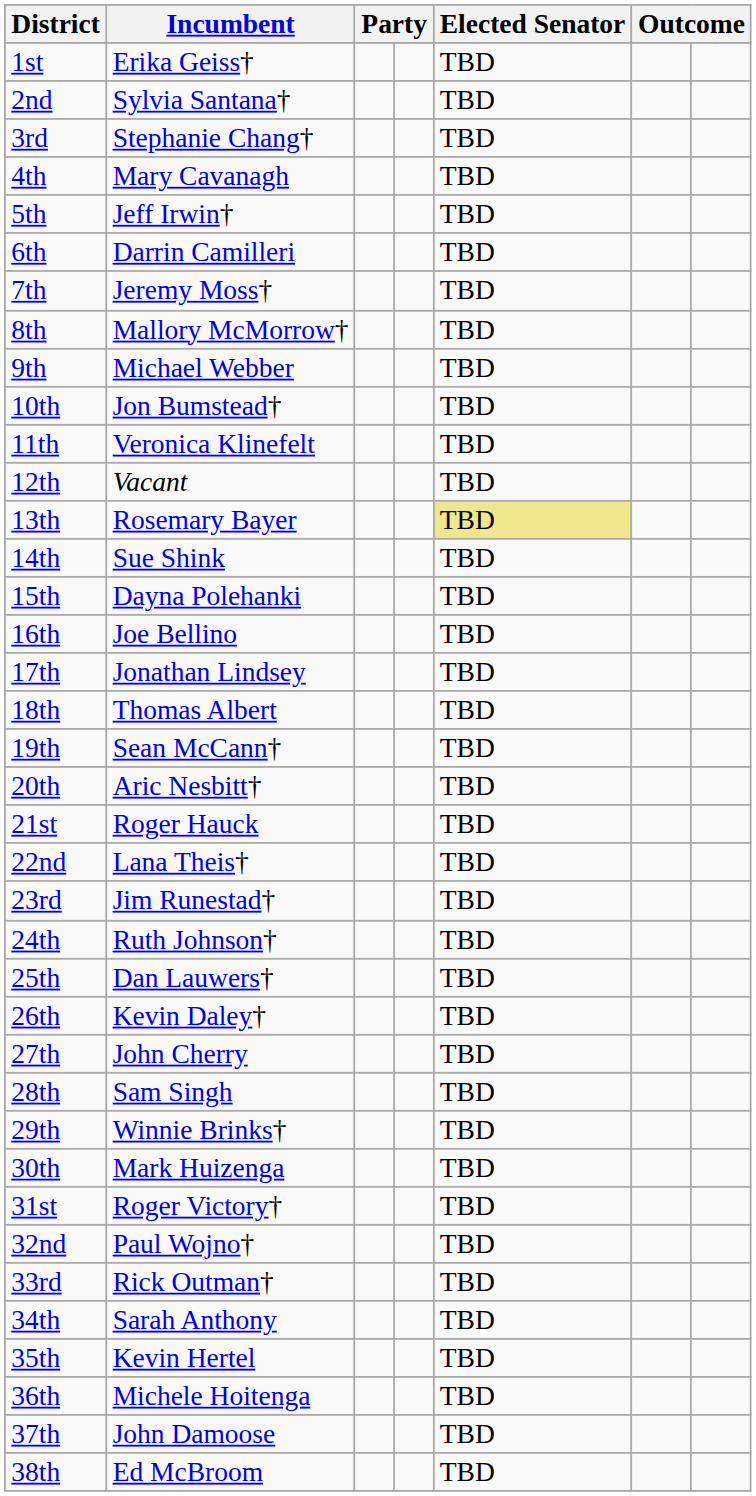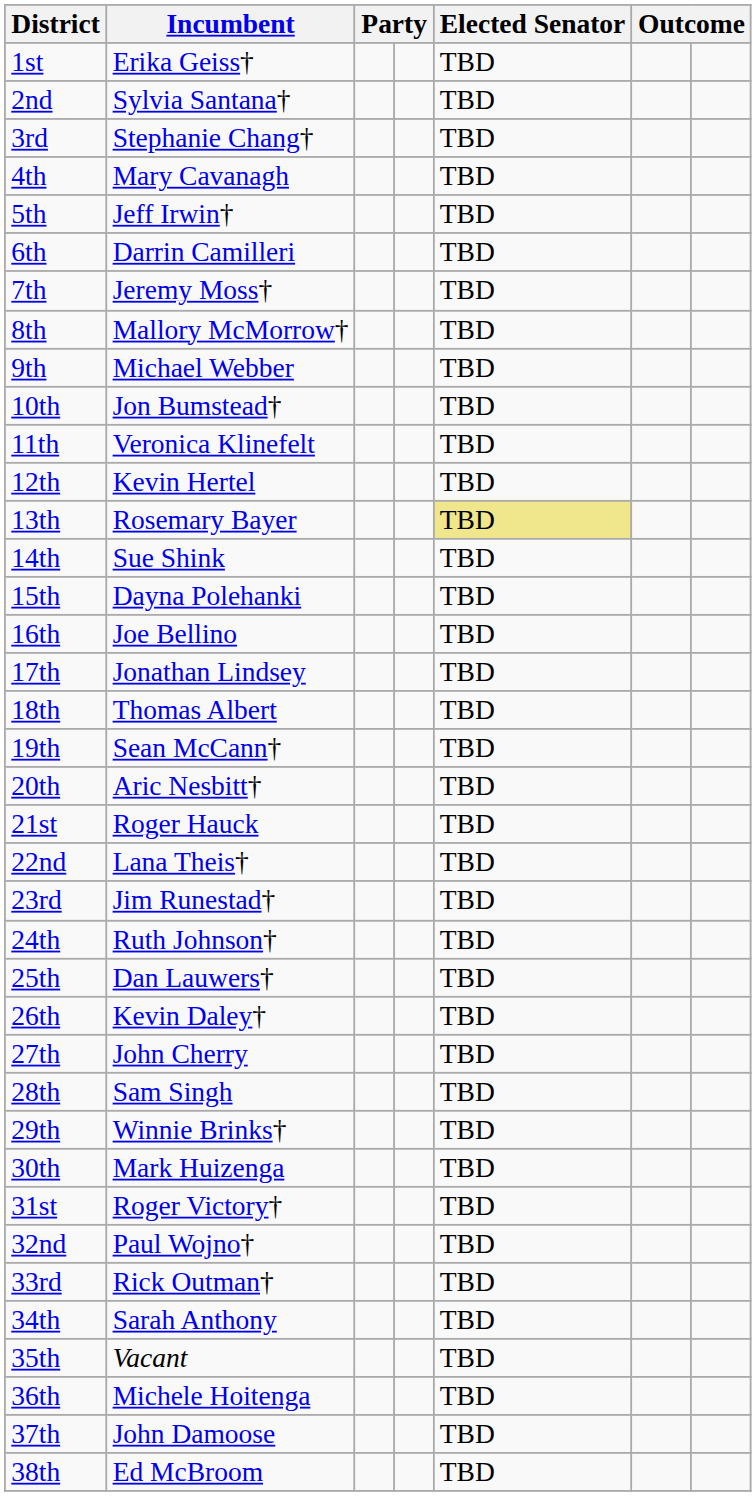 <table class="sortable wikitable" style="font-size:95%;line-height:14px;">
 <tr>
 <th>District</th>
 <th class="unsortable"><a href='#'>Incumbent</a></th>
 <th colspan="2">Party</th>
 <th class="unsortable">Elected Senator</th>
 <th colspan="2">Outcome</th>
 </tr>
 <tr>
 <td><a href='#'>1st</a></td>
 <td><a href='#'>Erika Geiss</a>†</td>
 <td style="background:"></td>
 <td></td>
 <td>TBD</td>
 <td></td>
 <td></td>
 </tr>
 <tr>
 <td><a href='#'>2nd</a></td>
 <td><a href='#'>Sylvia Santana</a>†</td>
 <td style="background:"></td>
 <td></td>
 <td>TBD</td>
 <td></td>
 <td></td>
 </tr>
 <tr>
 <td><a href='#'>3rd</a></td>
 <td><a href='#'>Stephanie Chang</a>†</td>
 <td style="background:"></td>
 <td></td>
 <td>TBD</td>
 <td></td>
 <td></td>
 </tr>
 <tr>
 <td><a href='#'>4th</a></td>
 <td><a href='#'>Mary Cavanagh</a></td>
 <td style="background:"></td>
 <td></td>
 <td>TBD</td>
 <td></td>
 <td></td>
 </tr>
 <tr>
 <td><a href='#'>5th</a></td>
 <td><a href='#'>Jeff Irwin</a>†</td>
 <td style="background:"></td>
 <td></td>
 <td>TBD</td>
 <td></td>
 <td></td>
 </tr>
 <tr>
 <td><a href='#'>6th</a></td>
 <td><a href='#'>Darrin Camilleri</a></td>
 <td style="background:"></td>
 <td></td>
 <td>TBD</td>
 <td></td>
 <td></td>
 </tr>
 <tr>
 <td><a href='#'>7th</a></td>
 <td><a href='#'>Jeremy Moss</a>†</td>
 <td style="background:"></td>
 <td></td>
 <td>TBD</td>
 <td></td>
 <td></td>
 </tr>
 <tr>
 <td><a href='#'>8th</a></td>
 <td><a href='#'>Mallory McMorrow</a>†</td>
 <td style="background:"></td>
 <td></td>
 <td>TBD</td>
 <td></td>
 <td></td>
 </tr>
 <tr>
 <td><a href='#'>9th</a></td>
 <td><a href='#'>Michael Webber</a></td>
 <td style="background:"></td>
 <td></td>
 <td>TBD</td>
 <td></td>
 <td></td>
 </tr>
 <tr>
 <td><a href='#'>10th</a></td>
 <td><a href='#'>Jon Bumstead</a>†</td>
 <td style="background:"></td>
 <td></td>
 <td>TBD</td>
 <td></td>
 <td></td>
 </tr>
 <tr>
 <td><a href='#'>11th</a></td>
 <td><a href='#'>Veronica Klinefelt</a></td>
 <td style="background:"></td>
 <td></td>
 <td>TBD</td>
 <td></td>
 <td></td>
 </tr>
 <tr>
 <td><a href='#'>12th</a></td>
-<td><em>Vacant</em></td>
+<td><a href='#'>Kevin Hertel</a></td>
 <td style="background:"></td>
 <td></td>
 <td>TBD</td>
 <td></td>
 <td></td>
 </tr>
 <tr>
 <td><a href='#'>13th</a></td>
 <td><a href='#'>Rosemary Bayer</a></td>
 <td style="background:"></td>
 <td></td>
 <td style="background: khaki;">TBD</td>
 <td></td>
 <td></td>
 </tr>
 <tr>
 <td><a href='#'>14th</a></td>
 <td><a href='#'>Sue Shink</a></td>
 <td style="background:"></td>
 <td></td>
 <td>TBD</td>
 <td></td>
 <td></td>
 </tr>
 <tr>
 <td><a href='#'>15th</a></td>
 <td><a href='#'>Dayna Polehanki</a></td>
 <td style="background:"></td>
 <td></td>
 <td>TBD</td>
 <td></td>
 <td></td>
 </tr>
 <tr>
 <td><a href='#'>16th</a></td>
 <td><a href='#'>Joe Bellino</a></td>
 <td style="background:"></td>
 <td></td>
 <td>TBD</td>
 <td></td>
 <td></td>
 </tr>
 <tr>
 <td><a href='#'>17th</a></td>
 <td><a href='#'>Jonathan Lindsey</a></td>
 <td style="background:"></td>
 <td></td>
 <td>TBD</td>
 <td></td>
 <td></td>
 </tr>
 <tr>
 <td><a href='#'>18th</a></td>
 <td><a href='#'>Thomas Albert</a></td>
 <td style="background:"></td>
 <td></td>
 <td>TBD</td>
 <td></td>
 <td></td>
 </tr>
 <tr>
 <td><a href='#'>19th</a></td>
 <td><a href='#'>Sean McCann</a>†</td>
 <td style="background:"></td>
 <td></td>
 <td>TBD</td>
 <td></td>
 <td></td>
 </tr>
 <tr>
 <td><a href='#'>20th</a></td>
 <td><a href='#'>Aric Nesbitt</a>†</td>
 <td style="background:"></td>
 <td></td>
 <td>TBD</td>
 <td></td>
 <td></td>
 </tr>
 <tr>
 <td><a href='#'>21st</a></td>
 <td><a href='#'>Roger Hauck</a></td>
 <td style="background:"></td>
 <td></td>
 <td>TBD</td>
 <td></td>
 <td></td>
 </tr>
 <tr>
 <td><a href='#'>22nd</a></td>
 <td><a href='#'>Lana Theis</a>†</td>
 <td style="background:"></td>
 <td></td>
 <td>TBD</td>
 <td></td>
 <td></td>
 </tr>
 <tr>
 <td><a href='#'>23rd</a></td>
 <td><a href='#'>Jim Runestad</a>†</td>
 <td style="background:"></td>
 <td></td>
 <td>TBD</td>
 <td></td>
 <td></td>
 </tr>
 <tr>
 <td><a href='#'>24th</a></td>
 <td><a href='#'>Ruth Johnson</a>†</td>
 <td style="background:"></td>
 <td></td>
 <td>TBD</td>
 <td></td>
 <td></td>
 </tr>
 <tr>
 <td><a href='#'>25th</a></td>
 <td><a href='#'>Dan Lauwers</a>†</td>
 <td style="background:"></td>
 <td></td>
 <td>TBD</td>
 <td></td>
 <td></td>
 </tr>
 <tr>
 <td><a href='#'>26th</a></td>
 <td><a href='#'>Kevin Daley</a>†</td>
 <td style="background:"></td>
 <td></td>
 <td>TBD</td>
 <td></td>
 <td></td>
 </tr>
 <tr>
 <td><a href='#'>27th</a></td>
 <td><a href='#'>John Cherry</a></td>
 <td style="background:"></td>
 <td></td>
 <td>TBD</td>
 <td></td>
 <td></td>
 </tr>
 <tr>
 <td><a href='#'>28th</a></td>
 <td><a href='#'>Sam Singh</a></td>
 <td style="background:"></td>
 <td></td>
 <td>TBD</td>
 <td></td>
 <td></td>
 </tr>
 <tr>
 <td><a href='#'>29th</a></td>
 <td><a href='#'>Winnie Brinks</a>†</td>
 <td style="background:"></td>
 <td></td>
 <td>TBD</td>
 <td></td>
 <td></td>
 </tr>
 <tr>
 <td><a href='#'>30th</a></td>
 <td><a href='#'>Mark Huizenga</a></td>
 <td style="background:"></td>
 <td></td>
 <td>TBD</td>
 <td></td>
 <td></td>
 </tr>
 <tr>
 <td><a href='#'>31st</a></td>
 <td><a href='#'>Roger Victory</a>†</td>
 <td style="background:"></td>
 <td></td>
 <td>TBD</td>
 <td></td>
 <td></td>
 </tr>
 <tr>
 <td><a href='#'>32nd</a></td>
 <td><a href='#'>Paul Wojno</a>†</td>
 <td style="background:"></td>
 <td></td>
 <td>TBD</td>
 <td></td>
 <td></td>
 </tr>
 <tr>
 <td><a href='#'>33rd</a></td>
 <td><a href='#'>Rick Outman</a>†</td>
 <td style="background:"></td>
 <td></td>
 <td>TBD</td>
 <td></td>
 <td></td>
 </tr>
 <tr>
 <td><a href='#'>34th</a></td>
 <td><a href='#'>Sarah Anthony</a></td>
 <td style="background:"></td>
 <td></td>
 <td>TBD</td>
 <td></td>
 <td></td>
 </tr>
 <tr>
 <td><a href='#'>35th</a></td>
-<td><a href='#'>Kevin Hertel</a></td>
+<td><em>Vacant</em></td>
 <td></td>
 <td></td>
 <td>TBD</td>
 <td></td>
 <td></td>
 </tr>
 <tr>
 <td><a href='#'>36th</a></td>
 <td><a href='#'>Michele Hoitenga</a></td>
 <td style="background:"></td>
 <td></td>
 <td>TBD</td>
 <td></td>
 <td></td>
 </tr>
 <tr>
 <td><a href='#'>37th</a></td>
 <td><a href='#'>John Damoose</a></td>
 <td style="background:"></td>
 <td></td>
 <td>TBD</td>
 <td></td>
 <td></td>
 </tr>
 <tr>
 <td><a href='#'>38th</a></td>
 <td><a href='#'>Ed McBroom</a></td>
 <td style="background:"></td>
 <td></td>
 <td>TBD</td>
 <td></td>
 </tr>
 </table>
